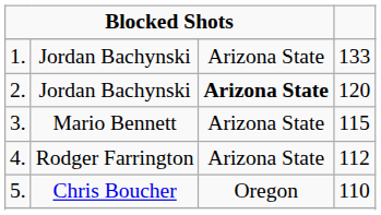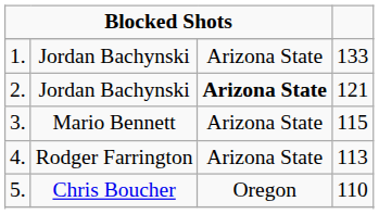 <table class="wikitable" style="display: inline-table;">
 <tr>
 <td align="center" Colspan="3"><strong>Blocked Shots</strong></td>
 </tr>
 <tr align="center">
 </tr>
 <tr align="center">
 <td>1.</td>
 <td>Jordan Bachynski</td>
 <td>Arizona State</td>
 <td>133</td>
 </tr>
 <tr align="center">
 <td>2.</td>
 <td>Jordan Bachynski</td>
 <td><strong>Arizona State</strong></td>
-<td>120</td>
+<td>121</td>
 </tr>
 <tr align="center">
 <td>3.</td>
 <td>Mario Bennett</td>
 <td>Arizona State</td>
 <td>115</td>
 </tr>
 <tr align="center">
 <td>4.</td>
 <td>Rodger Farrington</td>
 <td>Arizona State</td>
-<td>112</td>
+<td>113</td>
 </tr>
 <tr align="center">
 <td>5.</td>
 <td><a href='#'>Chris Boucher</a></td>
 <td>Oregon</td>
 <td>110</td>
 </tr>
 <tr align="center">
 </tr>
 <tr>
 </tr>
 </table>
